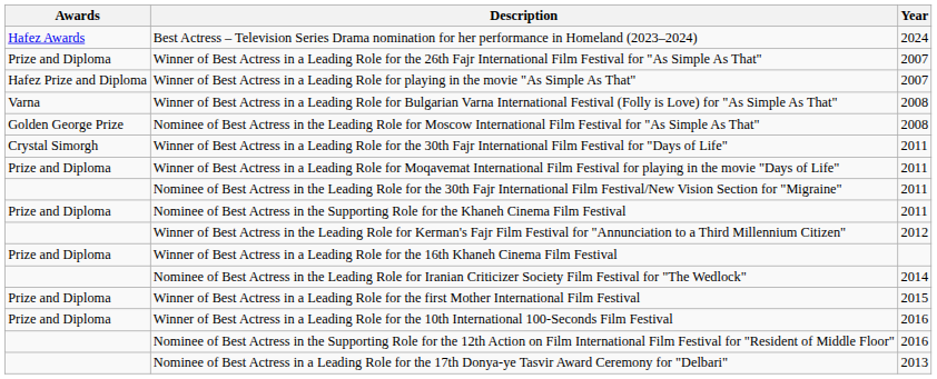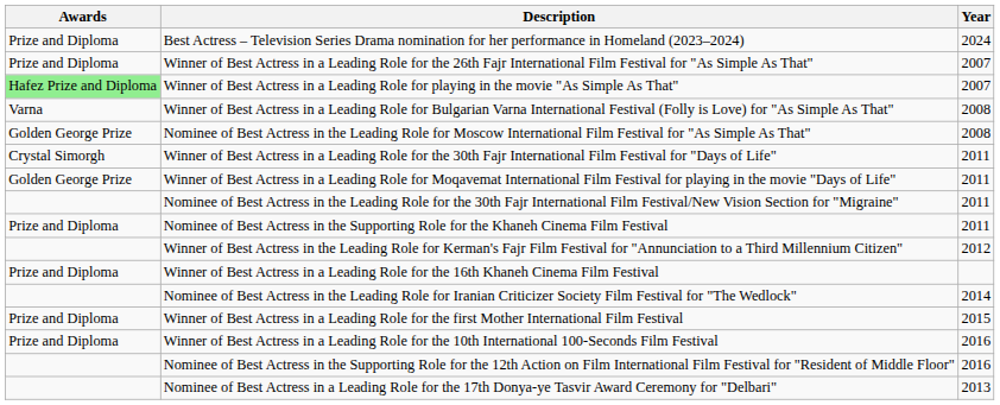 <table class="wikitable">
 <tr>
 <th>Awards</th>
 <th>Description</th>
 <th>Year</th>
 </tr>
 <tr>
-<td><a href='#'>Hafez Awards</a></td>
+<td>Prize and Diploma</td>
 <td>Best Actress – Television Series Drama nomination for her performance in Homeland (2023–2024)</td>
 <td>2024</td>
 </tr>
 <tr>
 <td>Prize and Diploma</td>
 <td>Winner of Best Actress in a Leading Role for the 26th Fajr International Film Festival for "As Simple As That"</td>
 <td>2007</td>
 </tr>
 <tr>
-<td>Hafez Prize and Diploma</td>
+<td style="background: lightgreen;">Hafez Prize and Diploma</td>
 <td>Winner of Best Actress in a Leading Role for playing in the movie "As Simple As That"</td>
 <td>2007</td>
 </tr>
 <tr>
 <td>Varna</td>
 <td>Winner of Best Actress in a Leading Role for Bulgarian Varna International Festival (Folly is Love) for "As Simple As That"</td>
 <td>2008</td>
 </tr>
 <tr>
 <td>Golden George Prize</td>
 <td>Nominee of Best Actress in the Leading Role for Moscow International Film Festival for "As Simple As That"</td>
 <td>2008</td>
 </tr>
 <tr>
 <td>Crystal Simorgh</td>
 <td>Winner of Best Actress in a Leading Role for the 30th Fajr International Film Festival for "Days of Life"</td>
 <td>2011</td>
 </tr>
 <tr>
-<td>Prize and Diploma</td>
+<td>Golden George Prize</td>
 <td>Winner of Best Actress in a Leading Role for Moqavemat International Film Festival for playing in the movie "Days of Life"</td>
 <td>2011</td>
 </tr>
 <tr>
 <td></td>
 <td>Nominee of Best Actress in the Leading Role for the 30th Fajr International Film Festival/New Vision Section for "Migraine"</td>
 <td>2011</td>
 </tr>
 <tr>
 <td>Prize and Diploma</td>
 <td>Nominee of Best Actress in the Supporting Role for the Khaneh Cinema Film Festival</td>
 <td>2011</td>
 </tr>
 <tr>
 <td></td>
 <td>Winner of Best Actress in the Leading Role for Kerman's Fajr Film Festival for "Annunciation to a Third Millennium Citizen"</td>
 <td>2012</td>
 </tr>
 <tr>
 <td>Prize and Diploma</td>
 <td>Winner of Best Actress in a Leading Role for the 16th Khaneh Cinema Film Festival</td>
 <td></td>
 </tr>
 <tr>
 <td></td>
 <td>Nominee of Best Actress in the Leading Role for Iranian Criticizer Society Film Festival for "The Wedlock"</td>
 <td>2014</td>
 </tr>
 <tr>
 <td>Prize and Diploma</td>
 <td>Winner of Best Actress in a Leading Role for the first Mother International Film Festival</td>
 <td>2015</td>
 </tr>
 <tr>
 <td>Prize and Diploma</td>
 <td>Winner of Best Actress in a Leading Role for the 10th International 100-Seconds Film Festival</td>
 <td>2016</td>
 </tr>
 <tr>
 <td></td>
 <td>Nominee of Best Actress in the Supporting Role for the 12th Action on Film International Film Festival for "Resident of Middle Floor"</td>
 <td>2016</td>
 </tr>
 <tr>
 <td></td>
 <td>Nominee of Best Actress in a Leading Role for the 17th Donya-ye Tasvir Award Ceremony for "Delbari"</td>
 <td>2013</td>
 </tr>
 </table>
